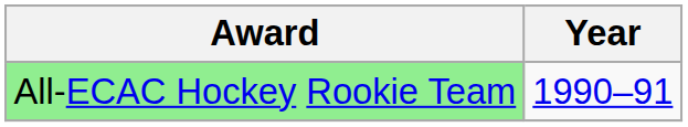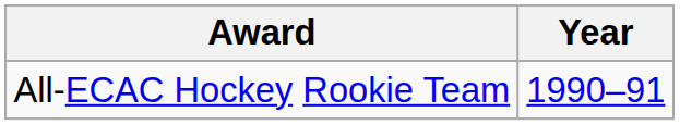 <table class="wikitable">
 <tr>
 <th>Award</th>
 <th>Year</th>
 </tr>
 <tr>
-<td style="background: lightgreen;">All-<a href='#'>ECAC Hockey</a> <a href='#'>Rookie Team</a></td>
+<td>All-<a href='#'>ECAC Hockey</a> <a href='#'>Rookie Team</a></td>
 <td><a href='#'>1990–91</a></td>
 </tr>
 <tr>
 </tr>
 </table>
